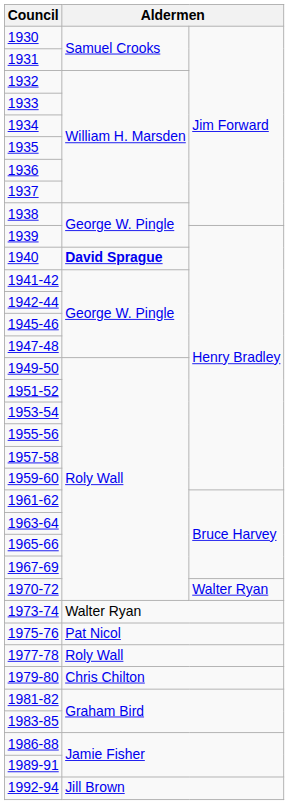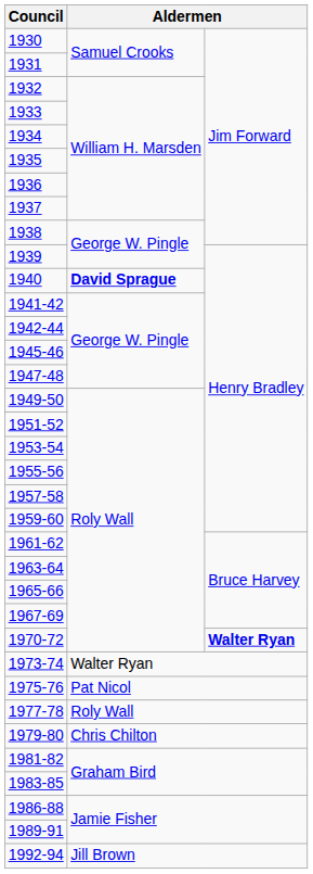 <table class="wikitable">
 <tr>
 <th>Council</th>
 <th Colspan="2">Aldermen</th>
 </tr>
 <tr>
 <td><a href='#'>1930</a></td>
 <td rowspan="2"><a href='#'>Samuel Crooks</a></td>
 <td rowspan="9"><a href='#'>Jim Forward</a></td>
 </tr>
 <tr>
 <td><a href='#'>1931</a></td>
 </tr>
 <tr>
 <td><a href='#'>1932</a></td>
 <td rowspan="6"><a href='#'>William H. Marsden</a></td>
 </tr>
 <tr>
 <td><a href='#'>1933</a></td>
 </tr>
 <tr>
 <td><a href='#'>1934</a></td>
 </tr>
 <tr>
 <td><a href='#'>1935</a></td>
 </tr>
 <tr>
 <td><a href='#'>1936</a></td>
 </tr>
 <tr>
 <td><a href='#'>1937</a></td>
 </tr>
 <tr>
 <td><a href='#'>1938</a></td>
 <td rowspan="2"><a href='#'>George W. Pingle</a></td>
 </tr>
 <tr>
 <td><a href='#'>1939</a></td>
 <td rowspan="12"><a href='#'>Henry Bradley</a></td>
 </tr>
 <tr>
 <td><a href='#'>1940</a></td>
 <td><strong><a href='#'>David Sprague</a></strong></td>
 </tr>
 <tr>
 <td><a href='#'>1941-42</a></td>
 <td rowspan="4"><a href='#'>George W. Pingle</a></td>
 </tr>
 <tr>
 <td><a href='#'>1942-44</a></td>
 </tr>
 <tr>
 <td><a href='#'>1945-46</a></td>
 </tr>
 <tr>
 <td><a href='#'>1947-48</a></td>
 </tr>
 <tr>
 <td><a href='#'>1949-50</a></td>
 <td rowspan="11"><a href='#'>Roly Wall</a></td>
 </tr>
 <tr>
 <td><a href='#'>1951-52</a></td>
 </tr>
 <tr>
 <td><a href='#'>1953-54</a></td>
 </tr>
 <tr>
 <td><a href='#'>1955-56</a></td>
 </tr>
 <tr>
 <td><a href='#'>1957-58</a></td>
 </tr>
 <tr>
 <td><a href='#'>1959-60</a></td>
 </tr>
 <tr>
 <td><a href='#'>1961-62</a></td>
 <td rowspan="4"><a href='#'>Bruce Harvey</a></td>
 </tr>
 <tr>
 <td><a href='#'>1963-64</a></td>
 </tr>
 <tr>
 <td><a href='#'>1965-66</a></td>
 </tr>
 <tr>
 <td><a href='#'>1967-69</a></td>
 </tr>
 <tr>
 <td><a href='#'>1970-72</a></td>
-<td><a href='#'>Walter Ryan</a></td>
+<td><strong><a href='#'>Walter Ryan</a></strong></td>
 </tr>
 <tr>
 <td><a href='#'>1973-74</a></td>
 <td colspan="2">Walter Ryan</td>
 </tr>
 <tr>
 <td><a href='#'>1975-76</a></td>
 <td colspan="2"><a href='#'>Pat Nicol</a></td>
 </tr>
 <tr>
 <td><a href='#'>1977-78</a></td>
 <td colspan="2"><a href='#'>Roly Wall</a></td>
 </tr>
 <tr>
 <td><a href='#'>1979-80</a></td>
 <td colspan="2"><a href='#'>Chris Chilton</a></td>
 </tr>
 <tr>
 <td><a href='#'>1981-82</a></td>
 <td colspan="2" rowspan="2"><a href='#'>Graham Bird</a></td>
 </tr>
 <tr>
 <td><a href='#'>1983-85</a></td>
 </tr>
 <tr>
 <td><a href='#'>1986-88</a></td>
 <td colspan="2" rowspan="2"><a href='#'>Jamie Fisher</a></td>
 </tr>
 <tr>
 <td><a href='#'>1989-91</a></td>
 </tr>
 <tr>
 <td><a href='#'>1992-94</a></td>
 <td colspan="2"><a href='#'>Jill Brown</a></td>
 </tr>
 </table>
